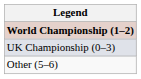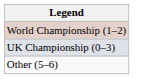 <table class="wikitable">
 <tr>
 <th>Legend</th>
 </tr>
 <tr bgcolor="#e5d1cb">
-<td><strong>World Championship (1–2)</strong></td>
+<td>World Championship (1–2)</td>
 </tr>
 <tr bgcolor="dfe2e9">
 <td>UK Championship (0–3)</td>
 </tr>
 <tr bgcolor=>
 <td>Other (5–6)</td>
 </tr>
 </table>
